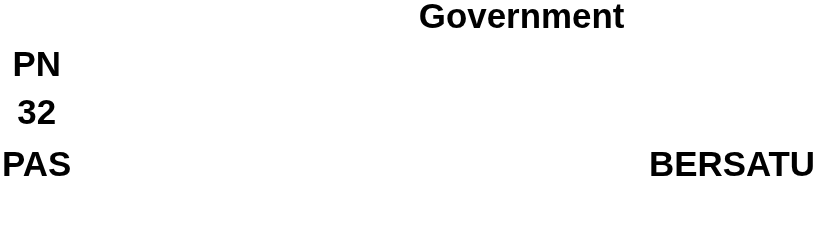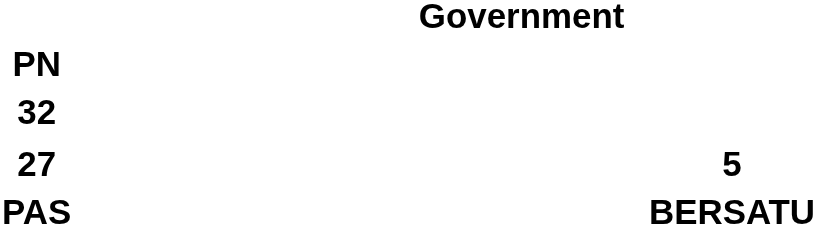 <table style="width:40em;">
 <tr style="text-align:center;">
 <td colspan="2" style="color:"><strong>Government</strong></td>
 </tr>
 <tr style="text-align:center;">
 <td style="color:"><strong>PN</strong></td>
 </tr>
 <tr style="text-align:center;">
 <td style="background:"><strong>32</strong></td>
 </tr>
 <tr>
 </tr>
 <tr style="text-align:center;">
+<td style="background:"><strong>27</strong></td>
+<td style="background:"><strong>5</strong></td>
+</tr>
+<tr style="text-align:center;">
 <td style="color:"><strong>PAS</strong></td>
 <td style="color:"><strong>BERSATU</strong></td>
 </tr>
 </table>
